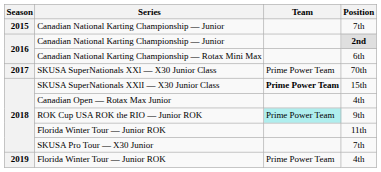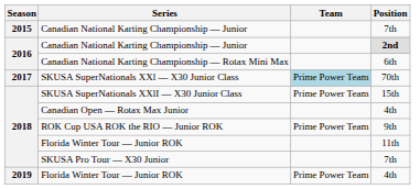 <table class="wikitable" style="font-size: 85%; text-align:center">
 <tr>
 <th>Season</th>
 <th>Series</th>
 <th>Team</th>
 <th>Position</th>
 </tr>
 <tr>
 <th>2015</th>
 <td align="left">Canadian National Karting Championship — Junior</td>
 <td align="left"></td>
 <td>7th</td>
 </tr>
 <tr>
 <th rowspan="2">2016</th>
 <td align="left">Canadian National Karting Championship — Junior</td>
 <td align="left"></td>
 <td style="background:#DFDFDF;"><strong>2nd</strong></td>
 </tr>
 <tr>
 <td align="left">Canadian National Karting Championship — Rotax Mini Max</td>
 <td align="left"></td>
 <td>6th</td>
 </tr>
 <tr>
 <th>2017</th>
 <td align="left">SKUSA SuperNationals XXl — X30 Junior Class</td>
-<td align="left">Prime Power Team</td>
+<td align="left" style="background: lightblue;">Prime Power Team</td>
 <td>70th</td>
 </tr>
 <tr>
 <th rowspan="5">2018</th>
 <td align="left">SKUSA SuperNationals XXlI — X30 Junior Class</td>
-<td align="left"><strong>Prime Power Team</strong></td>
+<td align="left">Prime Power Team</td>
 <td>15th</td>
 </tr>
 <tr>
 <td align="left">Canadian Open — Rotax Max Junior</td>
 <td align="left"></td>
 <td>4th</td>
 </tr>
 <tr>
 <td align="left">ROK Cup USA ROK the RIO — Junior ROK</td>
-<td align="left" style="background: paleturquoise;">Prime Power Team</td>
+<td align="left">Prime Power Team</td>
 <td>9th</td>
 </tr>
 <tr>
 <td align="left">Florida Winter Tour — Junior ROK</td>
 <td align="left"></td>
 <td>11th</td>
 </tr>
 <tr>
 <td align="left">SKUSA Pro Tour — X30 Junior</td>
 <td align="left"></td>
 <td>7th</td>
 </tr>
 <tr>
 <th>2019</th>
 <td align="left">Florida Winter Tour — Junior ROK</td>
 <td align="left">Prime Power Team</td>
 <td>4th</td>
 </tr>
 </table>
